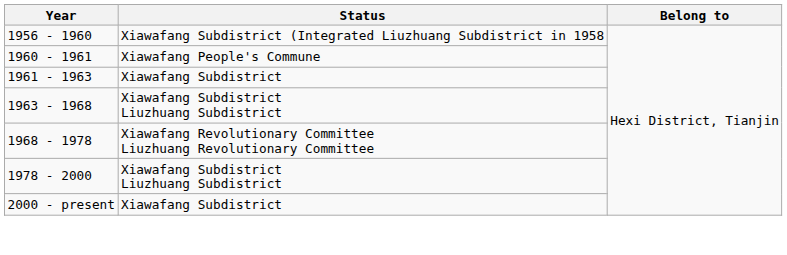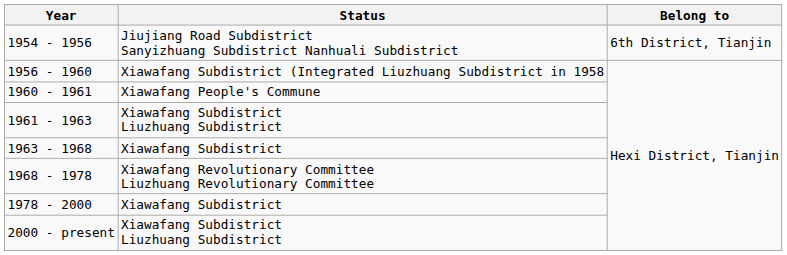 <table class="wikitable">
 <tr>
 <th>Year</th>
 <th>Status</th>
 <th>Belong to</th>
+</tr>
+<tr>
+<td>1954 - 1956</td>
+<td>Jiujiang Road Subdistrict<br>Sanyizhuang Subdistrict Nanhuali Subdistrict</td>
+<td>6th District, Tianjin</td>
 </tr>
 <tr>
 <td>1956 - 1960</td>
 <td>Xiawafang Subdistrict (Integrated Liuzhuang Subdistrict in 1958</td>
 <td rowspan="7">Hexi District, Tianjin</td>
 </tr>
 <tr>
 <td>1960 - 1961</td>
 <td>Xiawafang People's Commune</td>
 </tr>
 <tr>
 <td>1961 - 1963</td>
-<td>Xiawafang Subdistrict</td>
+<td>Xiawafang Subdistrict<br>Liuzhuang Subdistrict</td>
 </tr>
 <tr>
 <td>1963 - 1968</td>
-<td>Xiawafang Subdistrict<br>Liuzhuang Subdistrict</td>
+<td>Xiawafang Subdistrict</td>
 </tr>
 <tr>
 <td>1968 - 1978</td>
 <td>Xiawafang Revolutionary Committee<br>Liuzhuang Revolutionary Committee</td>
 </tr>
 <tr>
 <td>1978 - 2000</td>
-<td>Xiawafang Subdistrict<br>Liuzhuang Subdistrict</td>
+<td>Xiawafang Subdistrict</td>
 </tr>
 <tr>
 <td>2000 - present</td>
-<td>Xiawafang Subdistrict</td>
+<td>Xiawafang Subdistrict<br>Liuzhuang Subdistrict</td>
 </tr>
 </table>
